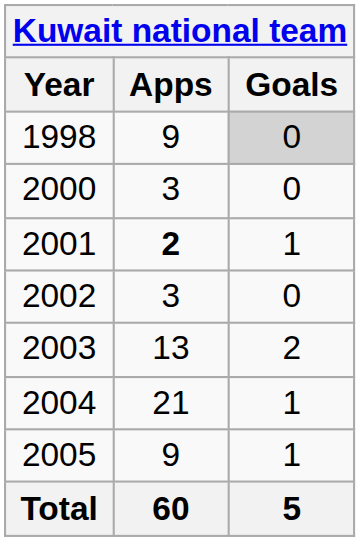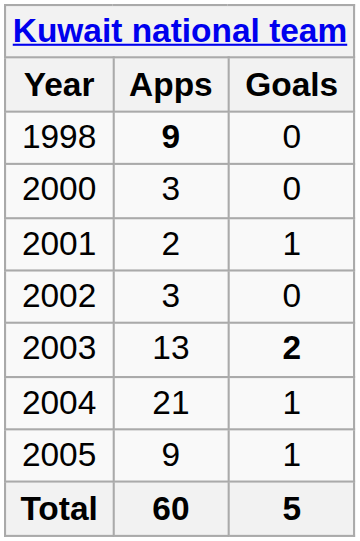 <table class="wikitable" style="text-align:center">
 <tr>
 <th colspan=3><a href='#'>Kuwait national team</a></th>
 </tr>
 <tr>
 <th>Year</th>
 <th>Apps</th>
 <th>Goals</th>
 </tr>
 <tr>
 <td>1998</td>
-<td>9</td>
-<td style="background: lightgrey;">0</td>
+<td><strong>9</strong></td>
+<td>0</td>
 </tr>
 <tr>
 <td>2000</td>
 <td>3</td>
 <td>0</td>
 </tr>
 <tr>
 <td>2001</td>
-<td><strong>2</strong></td>
+<td>2</td>
 <td>1</td>
 </tr>
 <tr>
 <td>2002</td>
 <td>3</td>
 <td>0</td>
 </tr>
 <tr>
 <td>2003</td>
 <td>13</td>
-<td>2</td>
+<td><strong>2</strong></td>
 </tr>
 <tr>
 <td>2004</td>
 <td>21</td>
 <td>1</td>
 </tr>
 <tr>
 <td>2005</td>
 <td>9</td>
 <td>1</td>
 </tr>
 <tr>
 <th>Total</th>
 <th>60</th>
 <th>5</th>
 </tr>
 </table>
